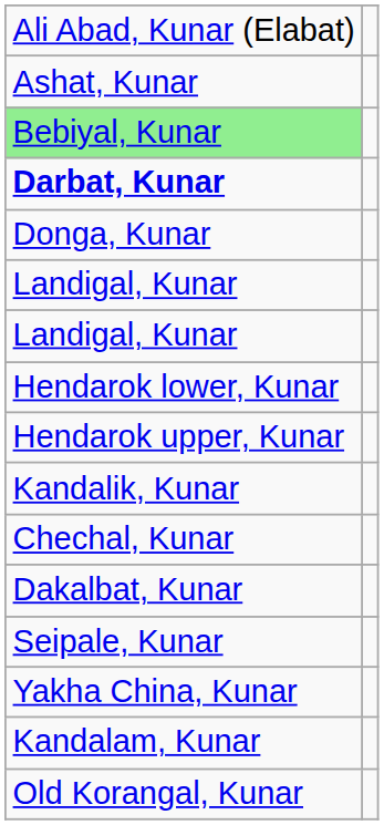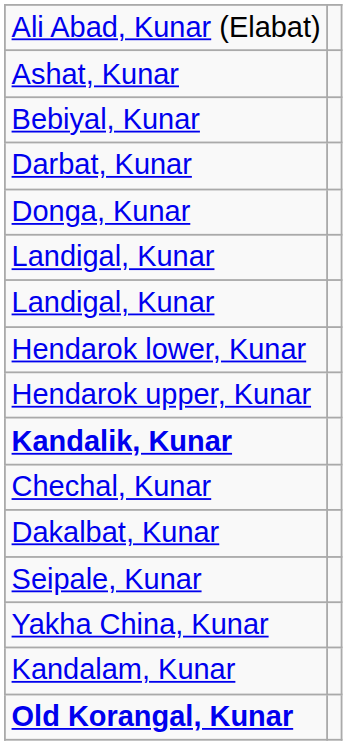 <table class="wikitable">
 <tr>
 <td><a href='#'>Ali Abad, Kunar</a> (Elabat)</td>
 <td><br></td>
 </tr>
 <tr>
 <td><a href='#'>Ashat, Kunar</a></td>
 <td></td>
 </tr>
 <tr>
-<td style="background: lightgreen;"><a href='#'>Bebiyal, Kunar</a></td>
+<td><a href='#'>Bebiyal, Kunar</a></td>
 <td><br></td>
 </tr>
 <tr>
-<td><strong><a href='#'>Darbat, Kunar</a></strong></td>
+<td><a href='#'>Darbat, Kunar</a></td>
 <td></td>
 </tr>
 <tr>
 <td><a href='#'>Donga, Kunar</a></td>
 <td></td>
 </tr>
 <tr>
 <td><a href='#'>Landigal, Kunar</a></td>
 <td><br></td>
 </tr>
 <tr>
 <td><a href='#'>Landigal, Kunar</a></td>
 <td><br></td>
 </tr>
 <tr>
 <td><a href='#'>Hendarok lower, Kunar</a></td>
 <td></td>
 </tr>
 <tr>
 <td><a href='#'>Hendarok upper, Kunar</a></td>
 <td><br></td>
 </tr>
 <tr>
-<td><a href='#'>Kandalik, Kunar</a></td>
+<td><strong><a href='#'>Kandalik, Kunar</a></strong></td>
 <td></td>
 </tr>
 <tr>
 <td><a href='#'>Chechal, Kunar</a></td>
 <td><br></td>
 </tr>
 <tr>
 <td><a href='#'>Dakalbat, Kunar</a></td>
 <td></td>
 </tr>
 <tr>
 <td><a href='#'>Seipale, Kunar</a></td>
 <td></td>
 </tr>
 <tr>
 <td><a href='#'>Yakha China, Kunar</a></td>
 <td></td>
 </tr>
 <tr>
 <td><a href='#'>Kandalam, Kunar</a></td>
 <td></td>
 </tr>
 <tr>
-<td><a href='#'>Old Korangal, Kunar</a></td>
+<td><strong><a href='#'>Old Korangal, Kunar</a></strong></td>
 <td><br></td>
 </tr>
 </table>
